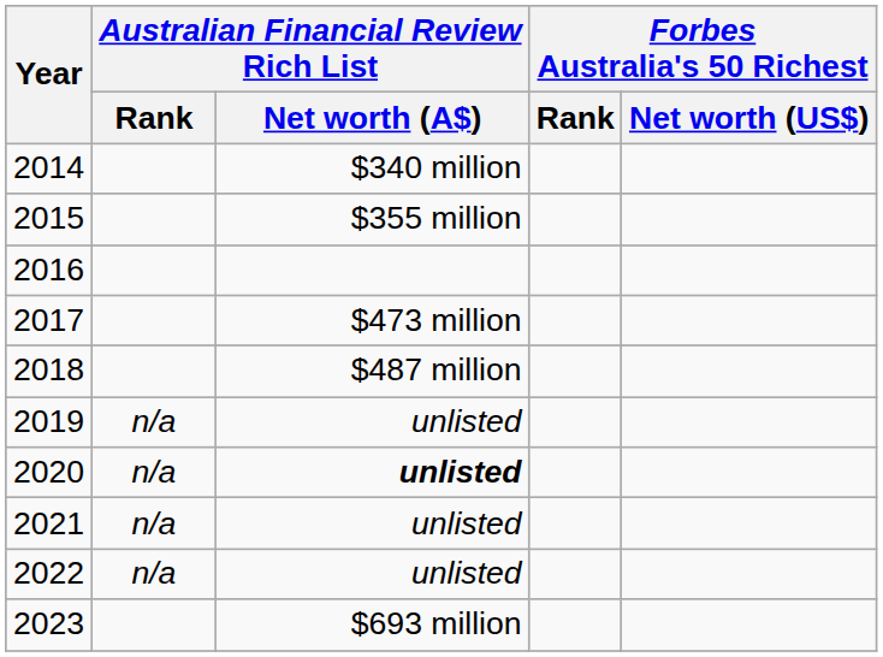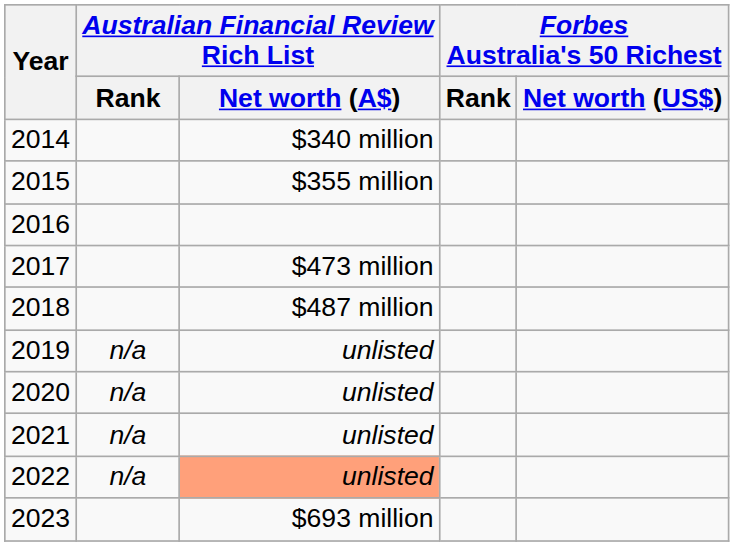 <table class="wikitable">
 <tr>
 <th rowspan=2>Year</th>
 <th colspan=2><em><a href='#'>Australian Financial Review</a></em><br><a href='#'>Rich List</a></th>
 <th colspan=2><em><a href='#'>Forbes</a></em><br><a href='#'>Australia's 50 Richest</a></th>
 </tr>
 <tr>
 <th>Rank</th>
 <th><a href='#'>Net worth</a> (<a href='#'>A$</a>)</th>
 <th>Rank</th>
 <th><a href='#'>Net worth</a> (<a href='#'>US$</a>)</th>
 </tr>
 <tr>
 <td>2014</td>
 <td align="center"> </td>
 <td align="right">$340 million </td>
 <td align="center"></td>
 <td align="right"></td>
 </tr>
 <tr>
 <td>2015</td>
 <td align="center"></td>
 <td align="right">$355 million </td>
 <td align="center"></td>
 <td align="right"></td>
 </tr>
 <tr>
 <td>2016</td>
 <td align="center"></td>
 <td align="right"></td>
 <td align="center"></td>
 <td align="right"></td>
 </tr>
 <tr>
 <td>2017</td>
 <td align="center"></td>
 <td align="right">$473 million</td>
 <td align="center"></td>
 <td align="right"></td>
 </tr>
 <tr>
 <td>2018</td>
 <td align="center"></td>
 <td align="right">$487 million </td>
 <td align="center"></td>
 <td align="right"></td>
 </tr>
 <tr>
 <td>2019</td>
 <td align="center"><em>n/a</em></td>
 <td align="right"><em>unlisted</em></td>
 <td align="center"></td>
 <td align="right"></td>
 </tr>
 <tr>
 <td>2020</td>
 <td align="center"><em>n/a</em></td>
-<td align="right"><strong><em>unlisted</em></strong></td>
+<td align="right"><em>unlisted</em></td>
 <td align="center"></td>
 <td align="right"></td>
 </tr>
 <tr>
 <td>2021</td>
 <td align="center"><em>n/a</em></td>
 <td align="right"><em>unlisted</em></td>
 <td align="center"></td>
 <td align="right"></td>
 </tr>
 <tr>
 <td>2022</td>
 <td align="center"><em>n/a</em></td>
-<td align="right"><em>unlisted</em></td>
+<td align="right" style="background: lightsalmon;"><em>unlisted</em></td>
 <td align="center"></td>
 <td align="right"></td>
 </tr>
 <tr>
 <td>2023</td>
 <td align="center"></td>
 <td align="right">$693 million </td>
 <td align="center"></td>
 <td align="right"></td>
 </tr>
 </table>
